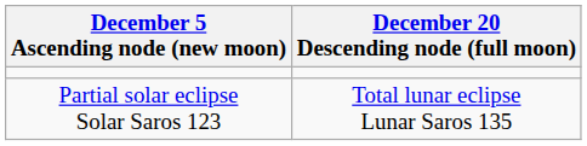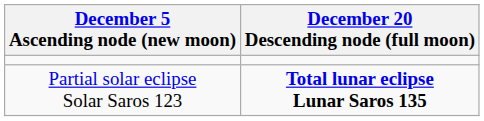 <table class="wikitable">
 <tr>
 <th><a href='#'>December 5</a><br>Ascending node (new moon)<br></th>
 <th><a href='#'>December 20</a><br>Descending node (full moon)<br></th>
 </tr>
 <tr>
 <td></td>
 <td></td>
 </tr>
 <tr align=center>
 <td><a href='#'>Partial solar eclipse</a><br>Solar Saros 123</td>
-<td><a href='#'>Total lunar eclipse</a><br>Lunar Saros 135</td>
+<td><strong><a href='#'>Total lunar eclipse</a><br>Lunar Saros 135</strong></td>
 </tr>
 </table>
